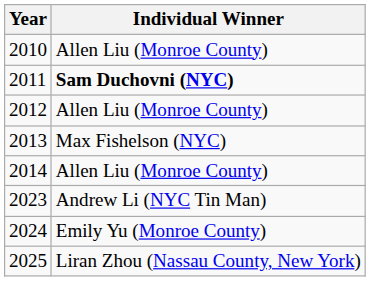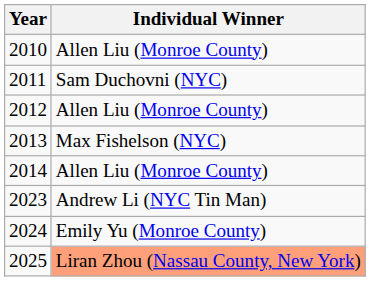 <table class="wikitable">
 <tr>
 <th>Year</th>
 <th>Individual Winner</th>
 </tr>
 <tr>
 <td>2010</td>
 <td>Allen Liu (<a href='#'>Monroe County</a>)</td>
 </tr>
 <tr>
 <td>2011</td>
-<td><strong>Sam Duchovni (<a href='#'>NYC</a>)</strong></td>
+<td>Sam Duchovni (<a href='#'>NYC</a>)</td>
 </tr>
 <tr>
 <td>2012</td>
 <td>Allen Liu (<a href='#'>Monroe County</a>)</td>
 </tr>
 <tr>
 <td>2013</td>
 <td>Max Fishelson (<a href='#'>NYC</a>)</td>
 </tr>
 <tr>
 <td>2014</td>
 <td>Allen Liu (<a href='#'>Monroe County</a>)</td>
 </tr>
 <tr>
 <td>2023</td>
 <td>Andrew Li (<a href='#'>NYC</a> Tin Man)</td>
 </tr>
 <tr>
 <td>2024</td>
 <td>Emily Yu (<a href='#'>Monroe County</a>)</td>
 </tr>
 <tr>
 <td>2025</td>
-<td>Liran Zhou (<a href='#'>Nassau County, New York</a>)</td>
+<td style="background: lightsalmon;">Liran Zhou (<a href='#'>Nassau County, New York</a>)</td>
 </tr>
 </table>
